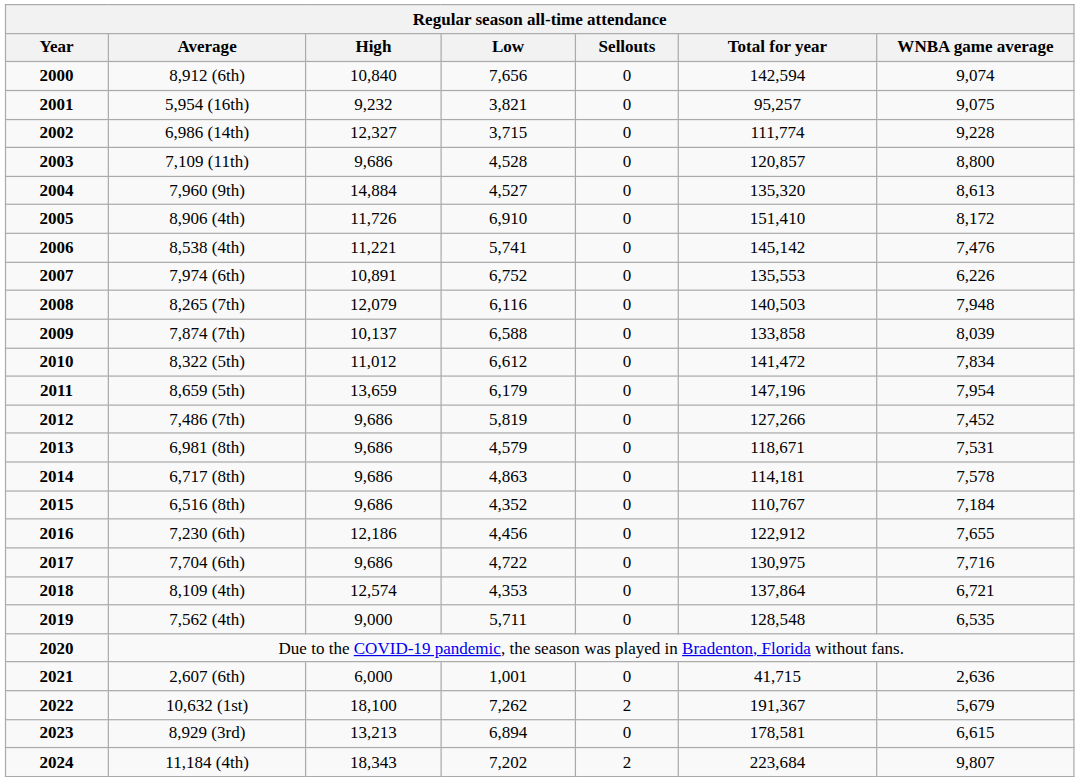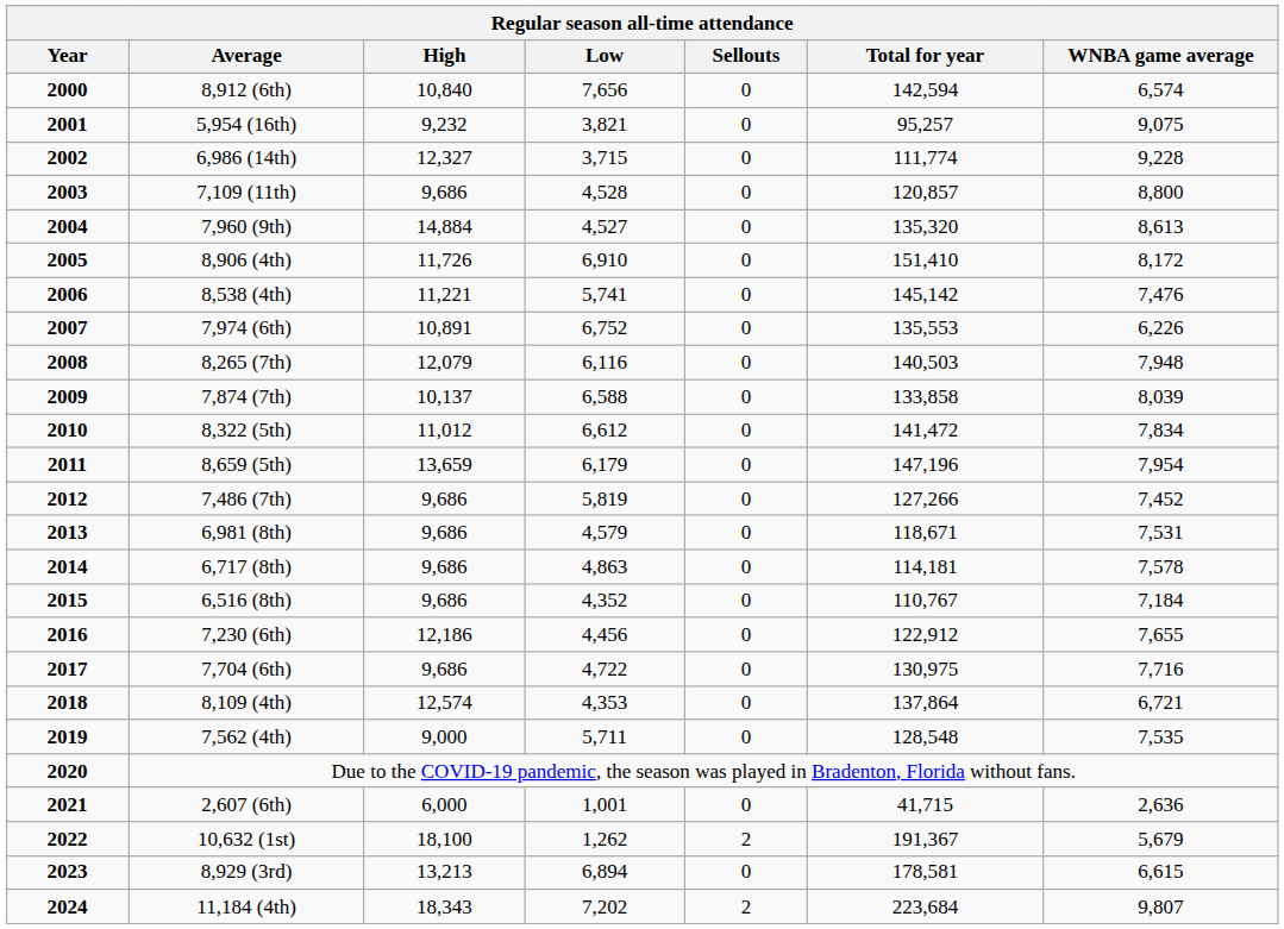 <table class="wikitable collapsible collapsed" style="clear:both; min-width:70%; font-size:88%; margin:1.5em auto; text-align:center;">
 <tr>
 <th colspan=7>Regular season all-time attendance</th>
 </tr>
 <tr valign="top">
 <th width=75>Year</th>
 <th width=150>Average</th>
 <th width=100>High</th>
 <th width=100>Low</th>
 <th width=75>Sellouts</th>
 <th width=150>Total for year</th>
 <th width=150>WNBA game average</th>
 </tr>
 <tr>
 <td><strong>2000</strong></td>
 <td>8,912 (6th)</td>
 <td>10,840</td>
 <td>7,656</td>
 <td>0</td>
 <td>142,594</td>
-<td>9,074</td>
+<td>6,574</td>
 </tr>
 <tr>
 <td><strong>2001</strong></td>
 <td>5,954 (16th)</td>
 <td>9,232</td>
 <td>3,821</td>
 <td>0</td>
 <td>95,257</td>
 <td>9,075</td>
 </tr>
 <tr>
 <td><strong>2002</strong></td>
 <td>6,986 (14th)</td>
 <td>12,327</td>
 <td>3,715</td>
 <td>0</td>
 <td>111,774</td>
 <td>9,228</td>
 </tr>
 <tr>
 <td><strong>2003</strong></td>
 <td>7,109 (11th)</td>
 <td>9,686</td>
 <td>4,528</td>
 <td>0</td>
 <td>120,857</td>
 <td>8,800</td>
 </tr>
 <tr>
 <td><strong>2004</strong></td>
 <td>7,960 (9th)</td>
 <td>14,884</td>
 <td>4,527</td>
 <td>0</td>
 <td>135,320</td>
 <td>8,613</td>
 </tr>
 <tr>
 <td><strong>2005</strong></td>
 <td>8,906 (4th)</td>
 <td>11,726</td>
 <td>6,910</td>
 <td>0</td>
 <td>151,410</td>
 <td>8,172</td>
 </tr>
 <tr>
 <td><strong>2006</strong></td>
 <td>8,538 (4th)</td>
 <td>11,221</td>
 <td>5,741</td>
 <td>0</td>
 <td>145,142</td>
 <td>7,476</td>
 </tr>
 <tr>
 <td><strong>2007</strong></td>
 <td>7,974 (6th)</td>
 <td>10,891</td>
 <td>6,752</td>
 <td>0</td>
 <td>135,553</td>
 <td>6,226</td>
 </tr>
 <tr>
 <td><strong>2008</strong></td>
 <td>8,265 (7th)</td>
 <td>12,079</td>
 <td>6,116</td>
 <td>0</td>
 <td>140,503</td>
 <td>7,948</td>
 </tr>
 <tr>
 <td><strong>2009</strong></td>
 <td>7,874 (7th)</td>
 <td>10,137</td>
 <td>6,588</td>
 <td>0</td>
 <td>133,858</td>
 <td>8,039</td>
 </tr>
 <tr>
 <td><strong>2010</strong></td>
 <td>8,322 (5th)</td>
 <td>11,012</td>
 <td>6,612</td>
 <td>0</td>
 <td>141,472</td>
 <td>7,834</td>
 </tr>
 <tr>
 <td><strong>2011</strong></td>
 <td>8,659 (5th)</td>
 <td>13,659</td>
 <td>6,179</td>
 <td>0</td>
 <td>147,196</td>
 <td>7,954</td>
 </tr>
 <tr>
 <td><strong>2012</strong></td>
 <td>7,486 (7th)</td>
 <td>9,686</td>
 <td>5,819</td>
 <td>0</td>
 <td>127,266</td>
 <td>7,452</td>
 </tr>
 <tr>
 <td><strong>2013</strong></td>
 <td>6,981 (8th)</td>
 <td>9,686</td>
 <td>4,579</td>
 <td>0</td>
 <td>118,671</td>
 <td>7,531</td>
 </tr>
 <tr>
 <td><strong>2014</strong></td>
 <td>6,717 (8th)</td>
 <td>9,686</td>
 <td>4,863</td>
 <td>0</td>
 <td>114,181</td>
 <td>7,578</td>
 </tr>
 <tr>
 <td><strong>2015</strong></td>
 <td>6,516 (8th)</td>
 <td>9,686</td>
 <td>4,352</td>
 <td>0</td>
 <td>110,767</td>
 <td>7,184</td>
 </tr>
 <tr>
 <td><strong>2016</strong></td>
 <td>7,230 (6th)</td>
 <td>12,186</td>
 <td>4,456</td>
 <td>0</td>
 <td>122,912</td>
 <td>7,655</td>
 </tr>
 <tr>
 <td><strong>2017</strong></td>
 <td>7,704 (6th)</td>
 <td>9,686</td>
 <td>4,722</td>
 <td>0</td>
 <td>130,975</td>
 <td>7,716</td>
 </tr>
 <tr>
 <td><strong>2018</strong></td>
 <td>8,109 (4th)</td>
 <td>12,574</td>
 <td>4,353</td>
 <td>0</td>
 <td>137,864</td>
 <td>6,721</td>
 </tr>
 <tr>
 <td><strong>2019</strong></td>
 <td>7,562 (4th)</td>
 <td>9,000</td>
 <td>5,711</td>
 <td>0</td>
 <td>128,548</td>
-<td>6,535</td>
+<td>7,535</td>
 </tr>
 <tr align="center">
 <td><strong>2020</strong></td>
 <td colspan=6>Due to the <a href='#'>COVID-19 pandemic</a>, the season was played in <a href='#'>Bradenton, Florida</a> without fans.</td>
 </tr>
 <tr>
 <td><strong>2021</strong></td>
 <td>2,607 (6th)</td>
 <td>6,000</td>
 <td>1,001</td>
 <td>0</td>
 <td>41,715</td>
 <td>2,636</td>
 </tr>
 <tr>
 <td><strong>2022</strong></td>
 <td>10,632 (1st)</td>
 <td>18,100</td>
-<td>7,262</td>
+<td>1,262</td>
 <td>2</td>
 <td>191,367</td>
 <td>5,679</td>
 </tr>
 <tr>
 <td><strong>2023</strong></td>
 <td>8,929 (3rd)</td>
 <td>13,213</td>
 <td>6,894</td>
 <td>0</td>
 <td>178,581</td>
 <td>6,615</td>
 </tr>
 <tr>
 <td><strong>2024</strong></td>
 <td>11,184 (4th)</td>
 <td>18,343</td>
 <td>7,202</td>
 <td>2</td>
 <td>223,684</td>
 <td>9,807</td>
 </tr>
 </table>
